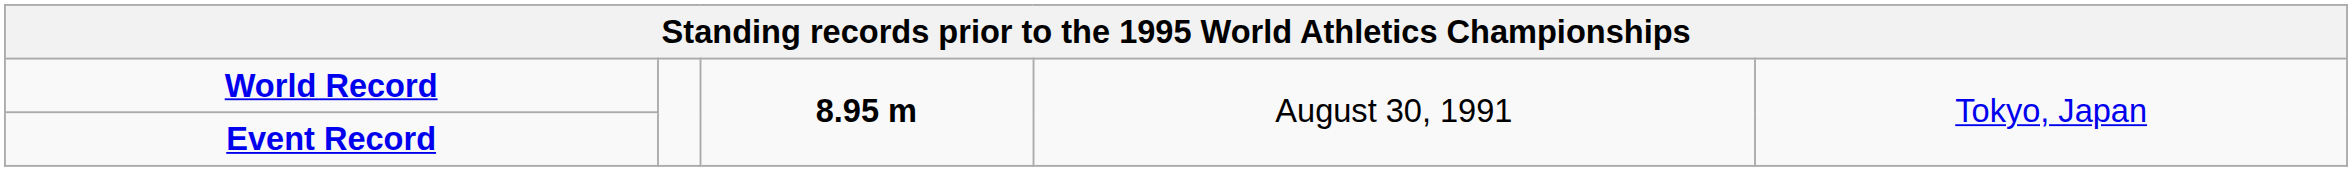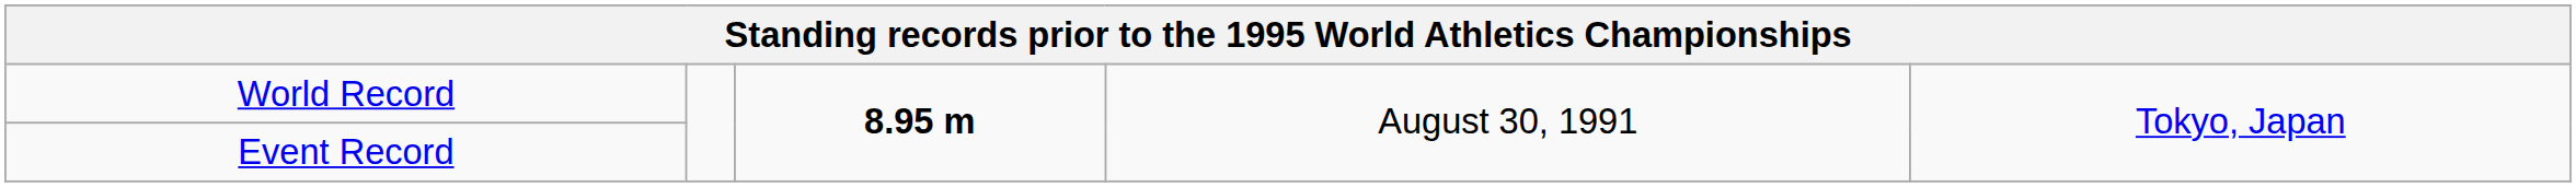 <table class="wikitable" style=" text-align:center; font-size:110%;" width="80%">
 <tr>
 <th colspan="5">Standing records prior to the 1995 World Athletics Championships</th>
 </tr>
 <tr>
-<td><strong><a href='#'>World Record</a></strong></td>
+<td><a href='#'>World Record</a></td>
 <td rowspan=2></td>
 <td rowspan=2><strong>8.95 m</strong></td>
 <td rowspan=2>August 30, 1991</td>
 <td rowspan=2> <a href='#'>Tokyo, Japan</a></td>
 </tr>
 <tr>
-<td><strong><a href='#'>Event Record</a></strong></td>
+<td><a href='#'>Event Record</a></td>
 </tr>
 </table>
